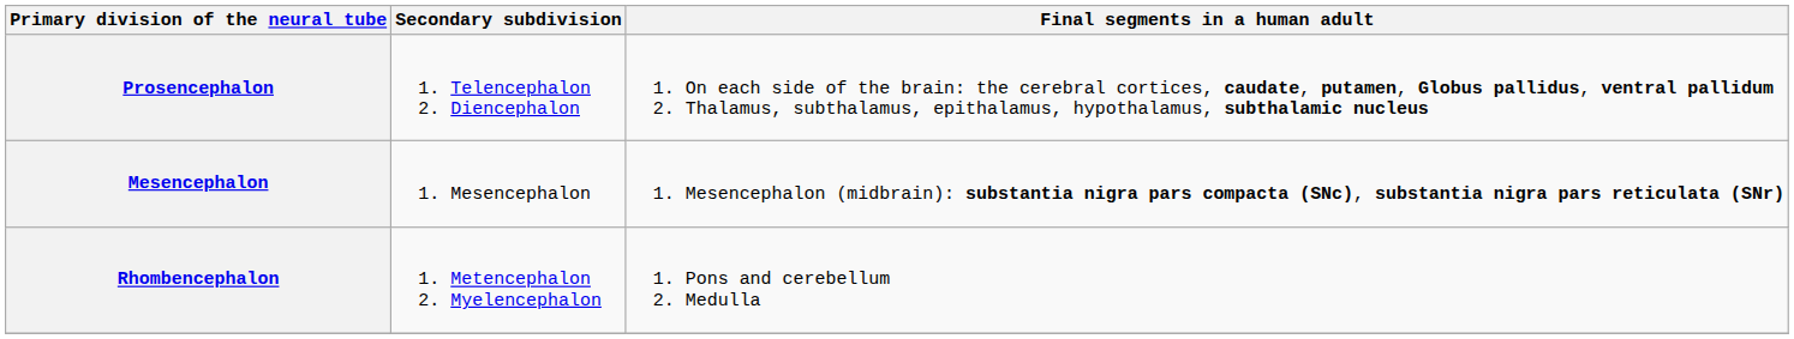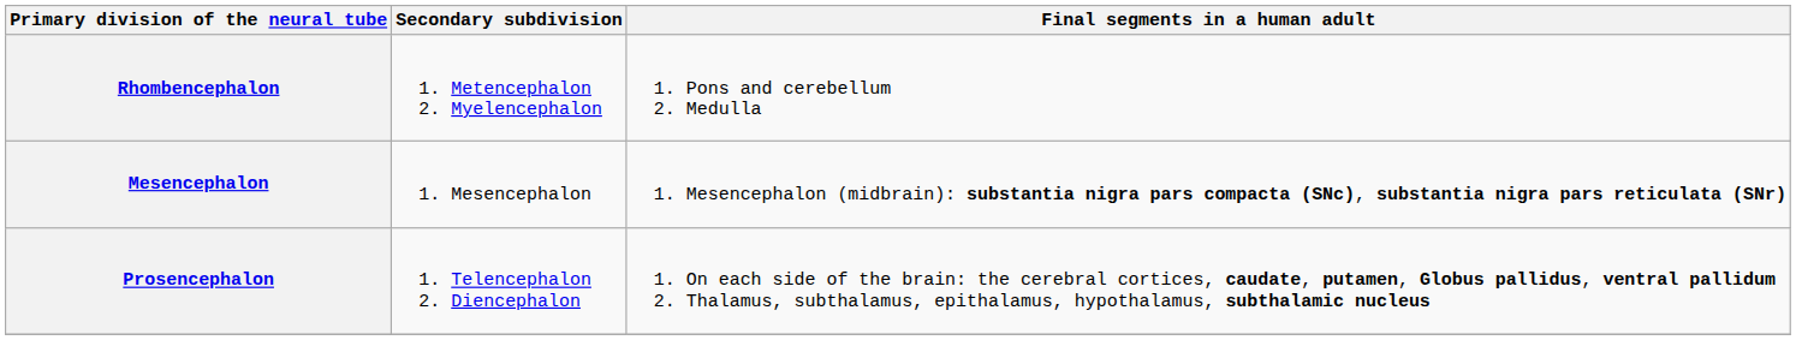 <table class="wikitable">
 <tr>
 <th scope="col">Primary division of the <a href='#'>neural tube</a></th>
 <th scope="col">Secondary subdivision</th>
 <th scope="col">Final segments in a human adult</th>
 </tr>
 <tr>
-<th scope="row"><a href='#'>Prosencephalon</a></th>
-<td><br><ol><li><a href='#'>Telencephalon</a></li><li><a href='#'>Diencephalon</a></li></ol></td>
-<td><br><ol><li>On each side of the brain: the cerebral cortices, <strong>caudate</strong>, <strong>putamen</strong>, <strong>Globus pallidus</strong>, <strong>ventral pallidum</strong></li><li>Thalamus, subthalamus, epithalamus, hypothalamus, <strong>subthalamic nucleus</strong></li></ol></td>
+<th scope="row"><a href='#'>Rhombencephalon</a></th>
+<td><br><ol><li><a href='#'>Metencephalon</a></li><li><a href='#'>Myelencephalon</a></li></ol></td>
+<td><br><ol><li>Pons and cerebellum</li><li>Medulla</li></ol></td>
 </tr>
 <tr>
 <th scope="row"><a href='#'>Mesencephalon</a></th>
 <td><br><ol><li>Mesencephalon</li></ol></td>
 <td><br><ol><li>Mesencephalon (midbrain): <strong>substantia nigra pars compacta (SNc)</strong>, <strong>substantia nigra pars reticulata (SNr)</strong></li></ol></td>
 </tr>
 <tr>
-<th scope="row"><a href='#'>Rhombencephalon</a></th>
-<td><br><ol><li><a href='#'>Metencephalon</a></li><li><a href='#'>Myelencephalon</a></li></ol></td>
-<td><br><ol><li>Pons and cerebellum</li><li>Medulla</li></ol></td>
+<th scope="row"><a href='#'>Prosencephalon</a></th>
+<td><br><ol><li><a href='#'>Telencephalon</a></li><li><a href='#'>Diencephalon</a></li></ol></td>
+<td><br><ol><li>On each side of the brain: the cerebral cortices, <strong>caudate</strong>, <strong>putamen</strong>, <strong>Globus pallidus</strong>, <strong>ventral pallidum</strong></li><li>Thalamus, subthalamus, epithalamus, hypothalamus, <strong>subthalamic nucleus</strong></li></ol></td>
 </tr>
 <tr>
 </tr>
 </table>
